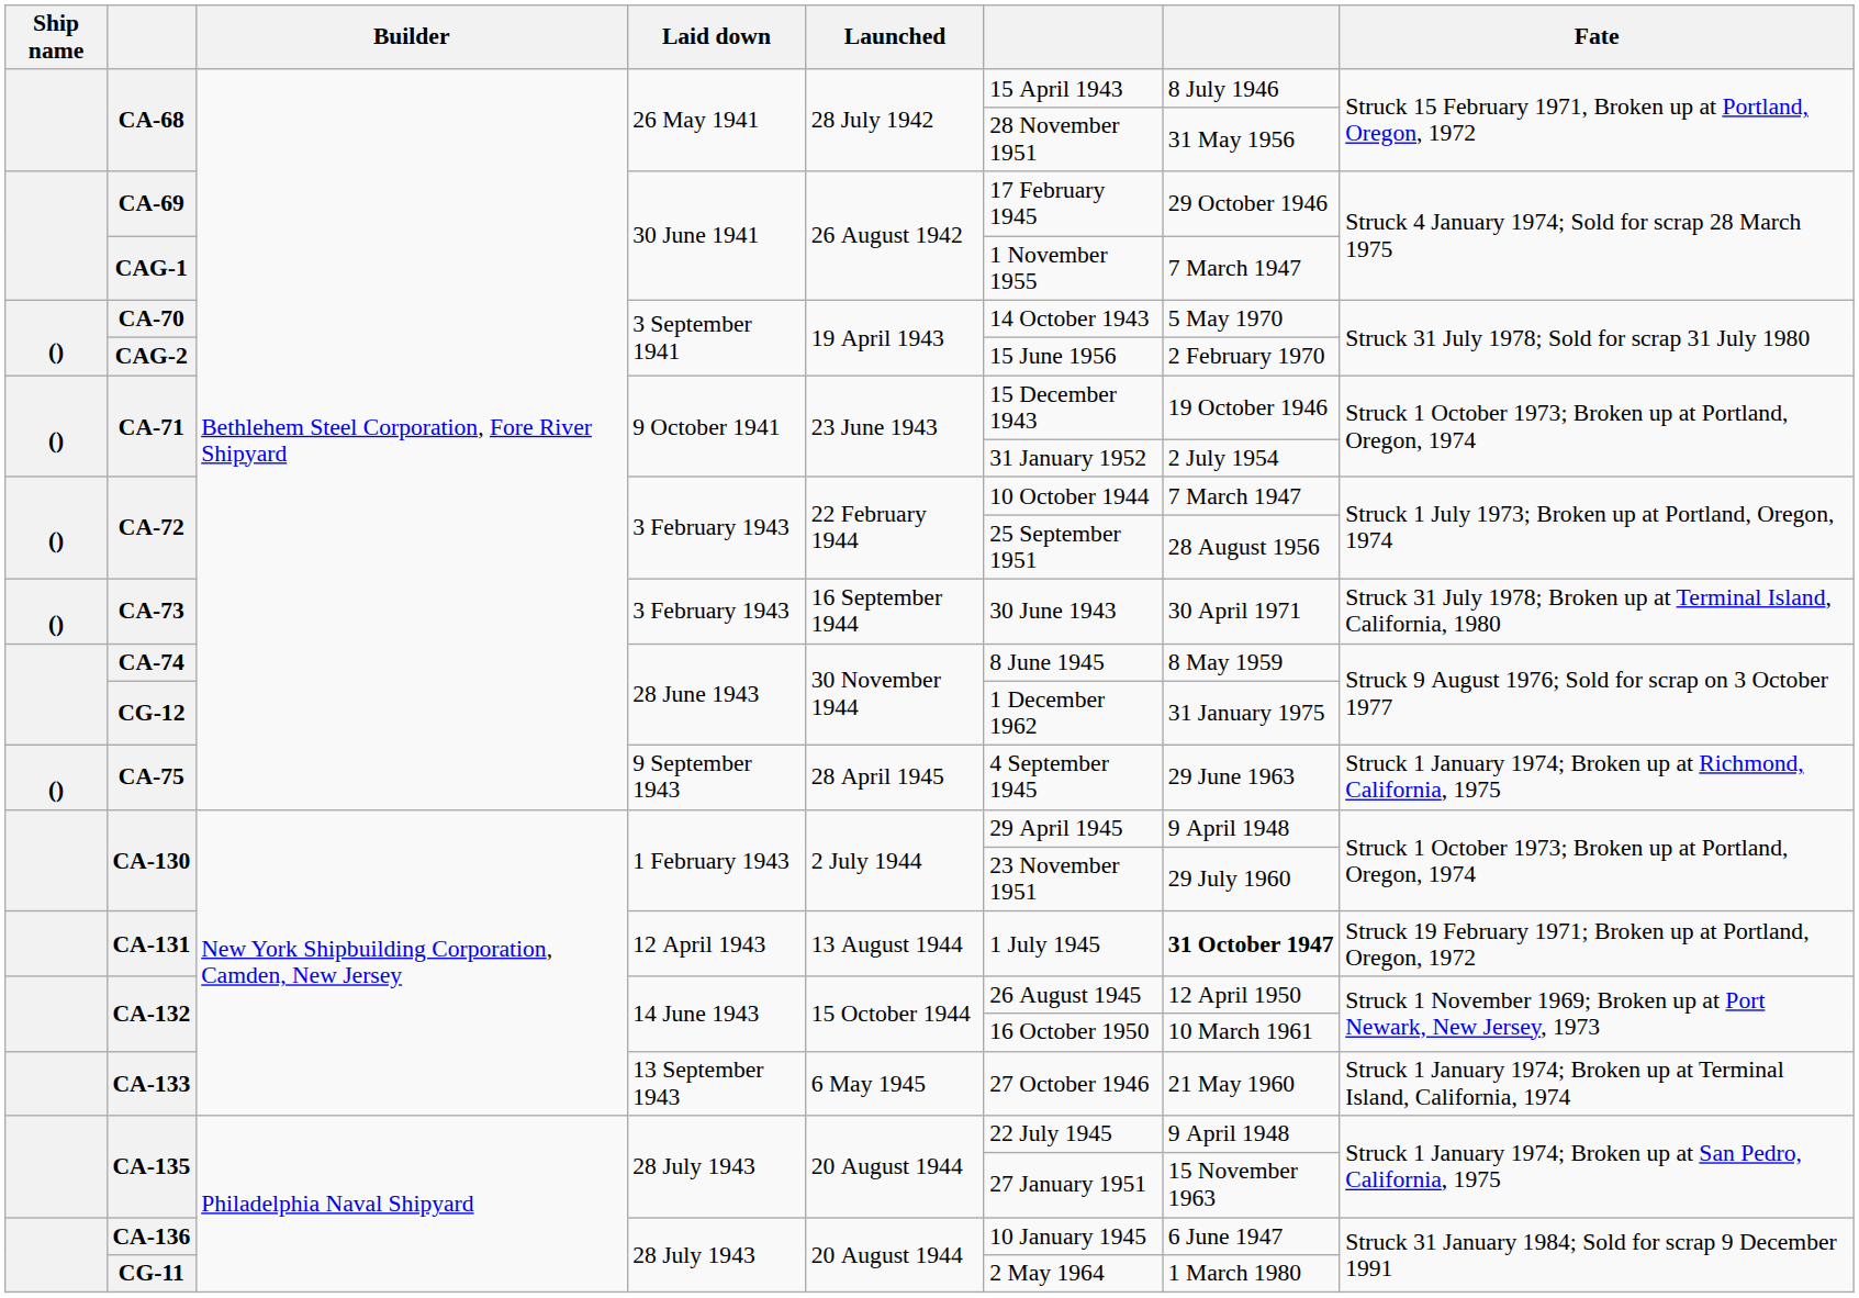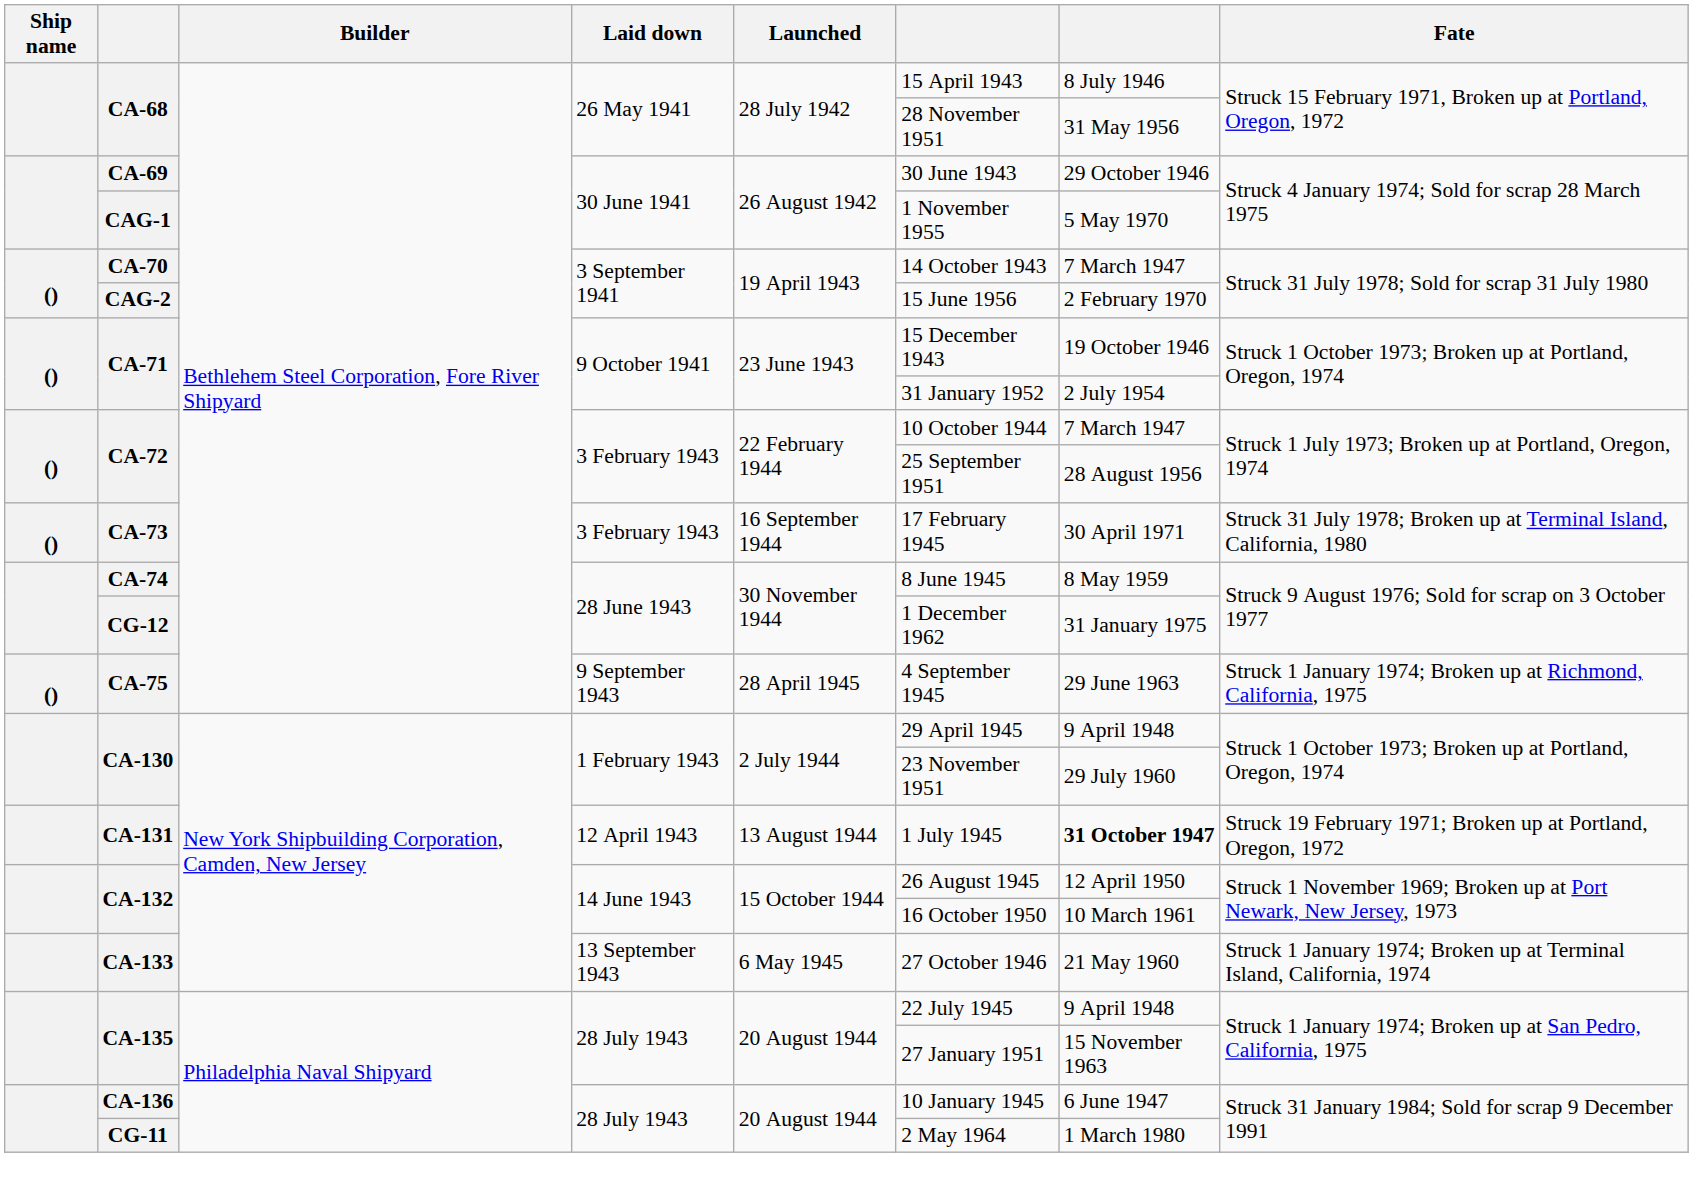 <table class="sortable wikitable plainrowheaders">
 <tr>
 <th scope="col">Ship name</th>
 <th scope="col"></th>
 <th scope="col">Builder</th>
 <th scope="col">Laid down</th>
 <th scope="col">Launched</th>
 <th scope="col"></th>
 <th scope="col"></th>
 <th scope="col">Fate</th>
 </tr>
 <tr>
 <th scope="row" rowspan=2></th>
 <th scope="row" rowspan=2>CA-68</th>
 <td rowspan=14><a href='#'>Bethlehem Steel Corporation</a>, <a href='#'>Fore River Shipyard</a></td>
 <td rowspan=2>26 May 1941</td>
 <td rowspan=2>28 July 1942</td>
 <td>15 April 1943</td>
 <td>8 July 1946</td>
 <td rowspan=2>Struck 15 February 1971, Broken up at <a href='#'>Portland, Oregon</a>, 1972</td>
 </tr>
 <tr>
 <td>28 November 1951</td>
 <td>31 May 1956</td>
 </tr>
 <tr>
 <th scope="row" rowspan=2></th>
 <th scope="row">CA-69</th>
 <td rowspan=2>30 June 1941</td>
 <td rowspan=2>26 August 1942</td>
-<td>17 February 1945</td>
+<td>30 June 1943</td>
 <td>29 October 1946</td>
 <td rowspan=2>Struck 4 January 1974; Sold for scrap 28 March 1975</td>
 </tr>
 <tr>
 <th scope="row">CAG-1</th>
 <td>1 November 1955</td>
-<td>7 March 1947</td>
+<td>5 May 1970</td>
 </tr>
 <tr>
 <th scope="row" rowspan=2><br>()</th>
 <th scope="row">CA-70</th>
 <td rowspan=2>3 September 1941</td>
 <td rowspan=2>19 April 1943</td>
 <td>14 October 1943</td>
-<td>5 May 1970</td>
+<td>7 March 1947</td>
 <td rowspan=2>Struck 31 July 1978; Sold for scrap 31 July 1980</td>
 </tr>
 <tr>
 <th scope="row">CAG-2</th>
 <td>15 June 1956</td>
 <td>2 February 1970</td>
 </tr>
 <tr>
 <th scope="row" rowspan=2><br>()</th>
 <th scope="row" rowspan=2>CA-71</th>
 <td rowspan=2>9 October 1941</td>
 <td rowspan=2>23 June 1943</td>
 <td>15 December 1943</td>
 <td>19 October 1946</td>
 <td rowspan=2>Struck 1 October 1973; Broken up at Portland, Oregon, 1974</td>
 </tr>
 <tr>
 <td>31 January 1952</td>
 <td>2 July 1954</td>
 </tr>
 <tr>
 <th scope="row" rowspan=2><br>()</th>
 <th scope="row" rowspan=2>CA-72</th>
 <td rowspan=2>3 February 1943</td>
 <td rowspan=2>22 February 1944</td>
 <td>10 October 1944</td>
 <td>7 March 1947</td>
 <td rowspan=2>Struck 1 July 1973; Broken up at Portland, Oregon, 1974</td>
 </tr>
 <tr>
 <td>25 September 1951</td>
 <td>28 August 1956</td>
 </tr>
 <tr>
 <th scope="row"><br>()</th>
 <th scope="row">CA-73</th>
 <td>3 February 1943</td>
 <td>16 September 1944</td>
-<td>30 June 1943</td>
+<td>17 February 1945</td>
 <td>30 April 1971</td>
 <td>Struck 31 July 1978; Broken up at <a href='#'>Terminal Island</a>, California, 1980</td>
 </tr>
 <tr>
 <th scope="row" rowspan=2></th>
 <th scope="row">CA-74</th>
 <td rowspan=2>28 June 1943</td>
 <td rowspan=2>30 November 1944</td>
 <td>8 June 1945</td>
 <td>8 May 1959</td>
 <td rowspan=2>Struck 9 August 1976; Sold for scrap on 3 October 1977</td>
 </tr>
 <tr>
 <th scope="row">CG-12</th>
 <td>1 December 1962</td>
 <td>31 January 1975</td>
 </tr>
 <tr>
 <th scope="row"><br>()</th>
 <th scope="row">CA-75</th>
 <td>9 September 1943</td>
 <td>28 April 1945</td>
 <td>4 September 1945</td>
 <td>29 June 1963</td>
 <td>Struck 1 January 1974; Broken up at <a href='#'>Richmond, California</a>, 1975</td>
 </tr>
 <tr>
 <th scope="row" rowspan=2></th>
 <th scope="row" rowspan=2>CA-130</th>
 <td rowspan=6><a href='#'>New York Shipbuilding Corporation</a>, <a href='#'>Camden, New Jersey</a></td>
 <td rowspan=2>1 February 1943</td>
 <td rowspan=2>2 July 1944</td>
 <td>29 April 1945</td>
 <td>9 April 1948</td>
 <td rowspan=2>Struck 1 October 1973; Broken up at Portland, Oregon, 1974</td>
 </tr>
 <tr>
 <td>23 November 1951</td>
 <td>29 July 1960</td>
 </tr>
 <tr>
 <th scope="row"></th>
 <th scope="row">CA-131</th>
 <td>12 April 1943</td>
 <td>13 August 1944</td>
 <td>1 July 1945</td>
 <td><strong>31 October 1947</strong></td>
 <td>Struck 19 February 1971; Broken up at Portland, Oregon, 1972</td>
 </tr>
 <tr>
 <th scope="row" rowspan=2></th>
 <th scope="row" rowspan=2>CA-132</th>
 <td rowspan=2>14 June 1943</td>
 <td rowspan=2>15 October 1944</td>
 <td>26 August 1945</td>
 <td>12 April 1950</td>
 <td rowspan=2>Struck 1 November 1969; Broken up at <a href='#'>Port Newark, New Jersey</a>, 1973</td>
 </tr>
 <tr>
 <td>16 October 1950</td>
 <td>10 March 1961</td>
 </tr>
 <tr>
 <th scope="row"></th>
 <th scope="row">CA-133</th>
 <td>13 September 1943</td>
 <td>6 May 1945</td>
 <td>27 October 1946</td>
 <td>21 May 1960</td>
 <td>Struck 1 January 1974; Broken up at Terminal Island, California, 1974</td>
 </tr>
 <tr>
 <th scope="row" rowspan=2></th>
 <th scope="row" rowspan=2>CA-135</th>
 <td rowspan=4><a href='#'>Philadelphia Naval Shipyard</a></td>
 <td rowspan=2>28 July 1943</td>
 <td rowspan=2>20 August 1944</td>
 <td>22 July 1945</td>
 <td>9 April 1948</td>
 <td rowspan=2>Struck 1 January 1974; Broken up at <a href='#'>San Pedro, California</a>, 1975</td>
 </tr>
 <tr>
 <td>27 January 1951</td>
 <td>15 November 1963</td>
 </tr>
 <tr>
 <th scope="row" rowspan=2></th>
 <th scope="row" style="white-space: nowrap;">CA-136</th>
 <td rowspan=2>28 July 1943</td>
 <td rowspan=2>20 August 1944</td>
 <td>10 January 1945</td>
 <td>6 June 1947</td>
 <td rowspan=2>Struck 31 January 1984; Sold for scrap 9 December 1991</td>
 </tr>
 <tr>
 <th scope="row">CG-11</th>
 <td>2 May 1964</td>
 <td>1 March 1980</td>
 </tr>
 </table>
